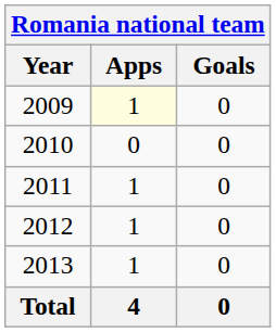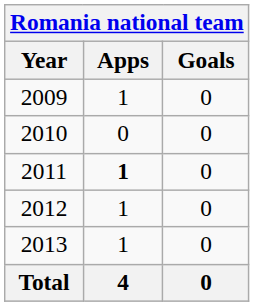 <table class="wikitable" style="text-align:center">
 <tr>
 <th colspan=3><a href='#'>Romania national team</a></th>
 </tr>
 <tr>
 <th>Year</th>
 <th>Apps</th>
 <th>Goals</th>
 </tr>
 <tr>
 <td>2009</td>
-<td style="background: lightyellow;">1</td>
+<td>1</td>
 <td>0</td>
 </tr>
 <tr>
 <td>2010</td>
 <td>0</td>
 <td>0</td>
 </tr>
 <tr>
 <td>2011</td>
-<td>1</td>
+<td><strong>1</strong></td>
 <td>0</td>
 </tr>
 <tr>
 <td>2012</td>
 <td>1</td>
 <td>0</td>
 </tr>
 <tr>
 <td>2013</td>
 <td>1</td>
 <td>0</td>
 </tr>
 <tr>
 <th>Total</th>
 <th>4</th>
 <th>0</th>
 </tr>
 </table>
